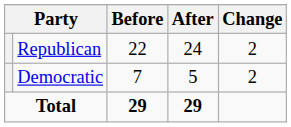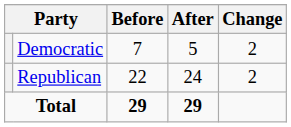 <table class="wikitable" style="text-align:center;">
 <tr>
 </tr>
 <tr>
 <th colspan=2>Party</th>
 <th>Before</th>
 <th>After</th>
 <th>Change</th>
 </tr>
 <tr>
 <th style="background-color:"></th>
-<td style="text-align:left;"><a href='#'>Republican</a></td>
-<td>22</td>
-<td>24</td>
+<td style="text-align:left;"><a href='#'>Democratic</a></td>
+<td>7</td>
+<td>5</td>
 <td> 2</td>
 </tr>
 <tr>
 <th style="background-color:"></th>
-<td style="text-align:left;"><a href='#'>Democratic</a></td>
-<td>7</td>
-<td>5</td>
+<td style="text-align:left;"><a href='#'>Republican</a></td>
+<td>22</td>
+<td>24</td>
 <td> 2</td>
 </tr>
 <tr>
 <td colspan=2><strong>Total</strong></td>
 <td><strong>29</strong></td>
 <td><strong>29</strong></td>
 <td></td>
 </tr>
 </table>
